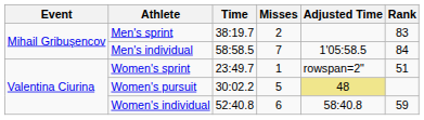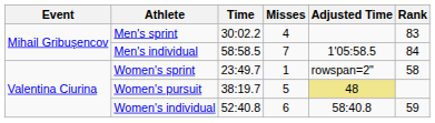 <table class="wikitable" style="font-size:90%">
 <tr>
 <th>Event</th>
 <th>Athlete</th>
 <th>Time</th>
 <th>Misses</th>
 <th>Adjusted Time</th>
 <th>Rank</th>
 </tr>
 <tr>
 <td rowspan="2"><a href='#'>Mihail Gribuşencov</a></td>
 <td><a href='#'>Men's sprint</a></td>
-<td align="center">38:19.7</td>
-<td align="center">2</td>
+<td align="center">30:02.2</td>
+<td align="center">4</td>
 <td></td>
 <td align="center">83</td>
 </tr>
 <tr>
 <td><a href='#'>Men's individual</a></td>
 <td align="center">58:58.5</td>
 <td align="center">7</td>
 <td align="center">1'05:58.5</td>
 <td align="center">84</td>
 </tr>
 <tr>
 <td rowspan="3"><a href='#'>Valentina Ciurina</a></td>
 <td><a href='#'>Women's sprint</a></td>
 <td align="center">23:49.7</td>
 <td align="center">1</td>
 <td>rowspan=2" </td>
-<td align="center">51</td>
+<td align="center">58</td>
 </tr>
 <tr>
 <td><a href='#'>Women's pursuit</a></td>
-<td align="center">30:02.2</td>
+<td align="center">38:19.7</td>
 <td align="center">5</td>
 <td align="center" style="background: khaki;">48</td>
 </tr>
 <tr>
 <td><a href='#'>Women's individual</a></td>
 <td align="center">52:40.8</td>
 <td align="center">6</td>
 <td align="center">58:40.8</td>
 <td align="center">59</td>
 </tr>
 </table>
